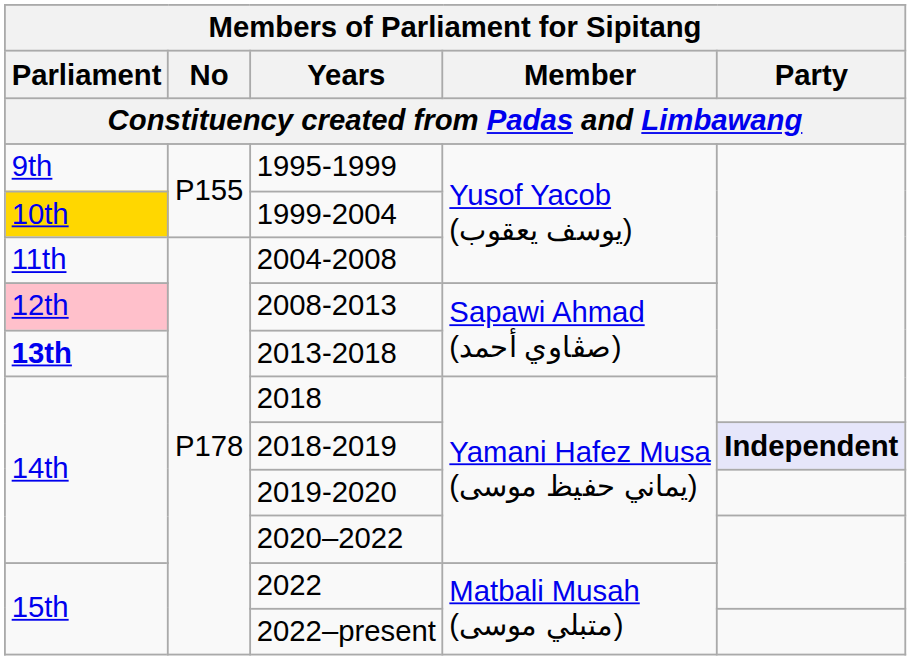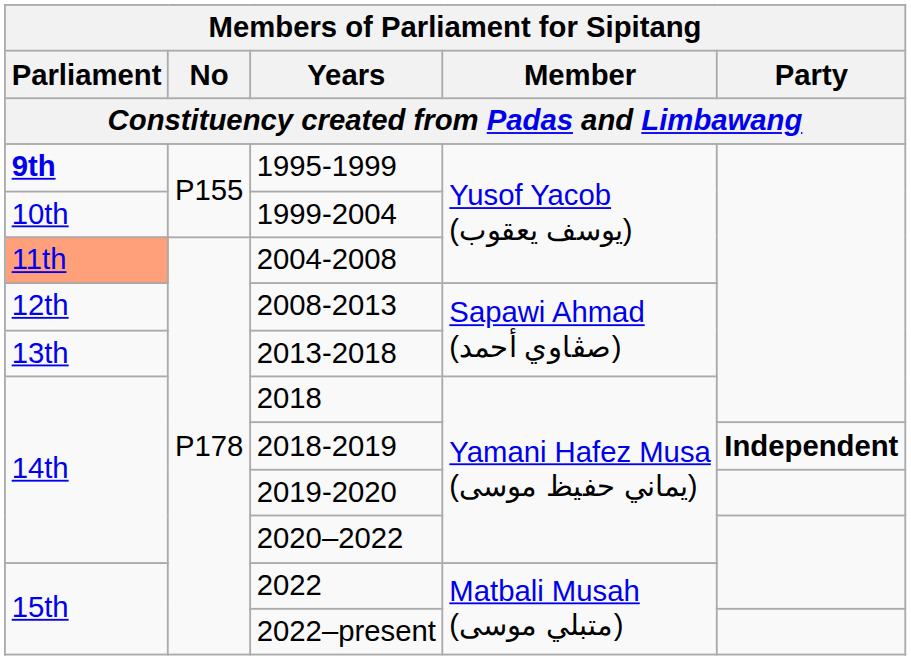 <table class="wikitable">
 <tr>
 <th colspan="5">Members of Parliament for Sipitang</th>
 </tr>
 <tr>
 <th>Parliament</th>
 <th>No</th>
 <th>Years</th>
 <th>Member</th>
 <th>Party</th>
 </tr>
 <tr>
 <th colspan="5"><em>Constituency created from <a href='#'>Padas</a> and <a href='#'>Limbawang</a></em></th>
 </tr>
 <tr>
-<td><a href='#'>9th</a></td>
+<td><strong><a href='#'>9th</a></strong></td>
 <td rowspan="2">P155</td>
 <td>1995-1999</td>
 <td rowspan="3"><a href='#'>Yusof Yacob</a>  <br>(يوسف يعقوب)</td>
 <td rowspan="6"></td>
 </tr>
 <tr>
-<td style="background: gold;"><a href='#'>10th</a></td>
+<td><a href='#'>10th</a></td>
 <td>1999-2004</td>
 </tr>
 <tr>
-<td><a href='#'>11th</a></td>
+<td style="background: lightsalmon;"><a href='#'>11th</a></td>
 <td rowspan="9">P178</td>
 <td>2004-2008</td>
 </tr>
 <tr>
-<td style="background: pink;"><a href='#'>12th</a></td>
+<td><a href='#'>12th</a></td>
 <td>2008-2013</td>
 <td rowspan="2"><a href='#'>Sapawi Ahmad</a>  <br>(صڤاوي أحمد‎)</td>
 </tr>
 <tr>
-<td><strong><a href='#'>13th</a></strong></td>
+<td><a href='#'>13th</a></td>
 <td>2013-2018</td>
 </tr>
 <tr>
 <td rowspan="4"><a href='#'>14th</a></td>
 <td>2018</td>
 <td rowspan="4"><a href='#'>Yamani Hafez Musa</a> <br> (يماني حفيظ موسى)</td>
 </tr>
 <tr>
 <td>2018-2019</td>
-<td style="background: lavender;"><strong>Independent</strong></td>
+<td><strong>Independent</strong></td>
 </tr>
 <tr>
 <td>2019-2020</td>
 <td></td>
 </tr>
 <tr>
 <td>2020–2022</td>
 <td rowspan="2"></td>
 </tr>
 <tr>
 <td rowspan="2"><a href='#'>15th</a></td>
 <td>2022</td>
 <td rowspan="2"><a href='#'>Matbali Musah</a> <br> (متبلي موسى‎)</td>
 </tr>
 <tr>
 <td>2022–present</td>
 <td></td>
 </tr>
 </table>
